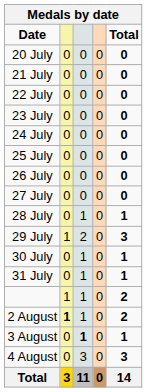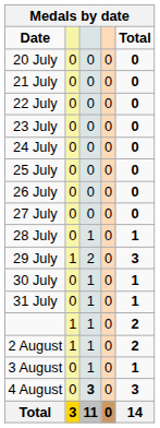 <table class="wikitable" style="font-size:85%">
 <tr bgcolor="#efefef">
 <th colspan=6>Medals by date</th>
 </tr>
 <tr align=center>
 <td><strong>Date</strong></td>
 <td bgcolor=#f7f6a8></td>
 <td bgcolor=#dce5e5></td>
 <td bgcolor=#ffdab9></td>
 <td><strong>Total</strong></td>
 </tr>
 <tr align=center>
 <td>20 July</td>
 <td style="background:#F7F6A8;">0</td>
 <td style="background:#DCE5E5;">0</td>
 <td style="background:#FFDAB9;">0</td>
 <td><strong>0</strong></td>
 </tr>
 <tr align=center>
 <td>21 July</td>
 <td style="background:#F7F6A8;">0</td>
 <td style="background:#DCE5E5;">0</td>
 <td style="background:#FFDAB9;">0</td>
 <td><strong>0</strong></td>
 </tr>
 <tr align=center>
 <td>22 July</td>
 <td style="background:#F7F6A8;">0</td>
 <td style="background:#DCE5E5;">0</td>
 <td style="background:#FFDAB9;">0</td>
 <td><strong>0</strong></td>
 </tr>
 <tr align=center>
 <td>23 July</td>
 <td style="background:#F7F6A8;">0</td>
 <td style="background:#DCE5E5;">0</td>
 <td style="background:#FFDAB9;">0</td>
 <td><strong>0</strong></td>
 </tr>
 <tr align=center>
 <td>24 July</td>
 <td style="background:#F7F6A8;">0</td>
 <td style="background:#DCE5E5;">0</td>
 <td style="background:#FFDAB9;">0</td>
 <td><strong>0</strong></td>
 </tr>
 <tr align=center>
 <td>25 July</td>
 <td style="background:#F7F6A8;">0</td>
 <td style="background:#DCE5E5;">0</td>
 <td style="background:#FFDAB9;">0</td>
 <td><strong>0</strong></td>
 </tr>
 <tr align=center>
 <td>26 July</td>
 <td style="background:#F7F6A8;">0</td>
 <td style="background:#DCE5E5;">0</td>
 <td style="background:#FFDAB9;">0</td>
 <td><strong>0</strong></td>
 </tr>
 <tr align=center>
 <td>27 July</td>
 <td style="background:#F7F6A8;">0</td>
 <td style="background:#DCE5E5;">0</td>
 <td style="background:#FFDAB9;">0</td>
 <td><strong>0</strong></td>
 </tr>
 <tr align=center>
 <td>28 July</td>
 <td style="background:#F7F6A8;">0</td>
 <td style="background:#DCE5E5;">1</td>
 <td style="background:#FFDAB9;">0</td>
 <td><strong>1</strong></td>
 </tr>
 <tr align=center>
 <td>29 July</td>
 <td style="background:#F7F6A8;">1</td>
 <td style="background:#DCE5E5;">2</td>
 <td style="background:#FFDAB9;">0</td>
 <td><strong>3</strong></td>
 </tr>
 <tr align=center>
 <td>30 July</td>
 <td style="background:#F7F6A8;">0</td>
 <td style="background:#DCE5E5;">1</td>
 <td style="background:#FFDAB9;">0</td>
 <td><strong>1</strong></td>
 </tr>
 <tr align=center>
 <td>31 July</td>
 <td style="background:#F7F6A8;">0</td>
 <td style="background:#DCE5E5;">1</td>
 <td style="background:#FFDAB9;">0</td>
 <td><strong>1</strong></td>
 </tr>
 <tr align=center>
 <td></td>
 <td style="background:#F7F6A8;">1</td>
 <td style="background:#DCE5E5;">1</td>
 <td style="background:#FFDAB9;">0</td>
 <td><strong>2</strong></td>
 </tr>
 <tr align=center>
 <td>2 August</td>
-<td style="background:#F7F6A8;"><strong>1</strong></td>
+<td style="background:#F7F6A8;">1</td>
 <td style="background:#DCE5E5;">1</td>
 <td style="background:#FFDAB9;">0</td>
 <td><strong>2</strong></td>
 </tr>
 <tr align=center>
 <td>3 August</td>
 <td style="background:#F7F6A8;">0</td>
-<td style="background:#DCE5E5;"><strong>1</strong></td>
+<td style="background:#DCE5E5;">1</td>
 <td style="background:#FFDAB9;">0</td>
 <td><strong>1</strong></td>
 </tr>
 <tr style="text-align:center;">
 <td>4 August</td>
 <td style="background:#F7F6A8;">0</td>
-<td style="background:#DCE5E5;">3</td>
+<td style="background:#DCE5E5;"><strong>3</strong></td>
 <td style="background:#FFDAB9;">0</td>
 <td><strong>3</strong></td>
 </tr>
 <tr align=center>
 <th>Total</th>
 <th style="background:gold;">3</th>
 <th style="background:silver;">11</th>
 <th style="background:#c96;">0</th>
 <th>14</th>
 </tr>
 </table>
